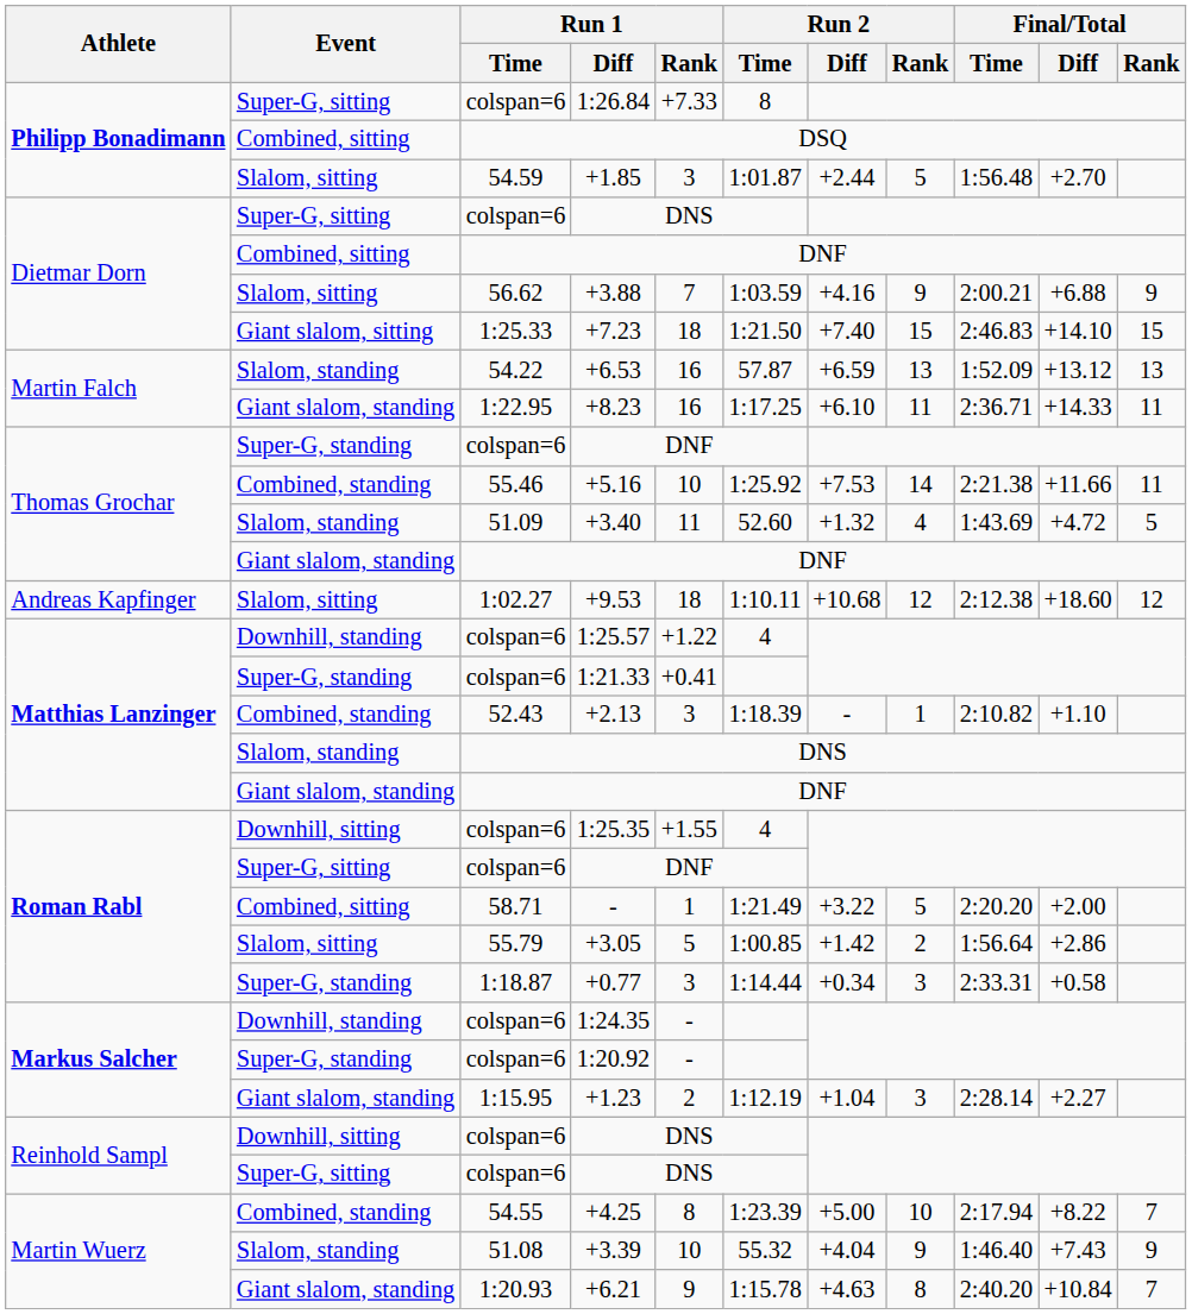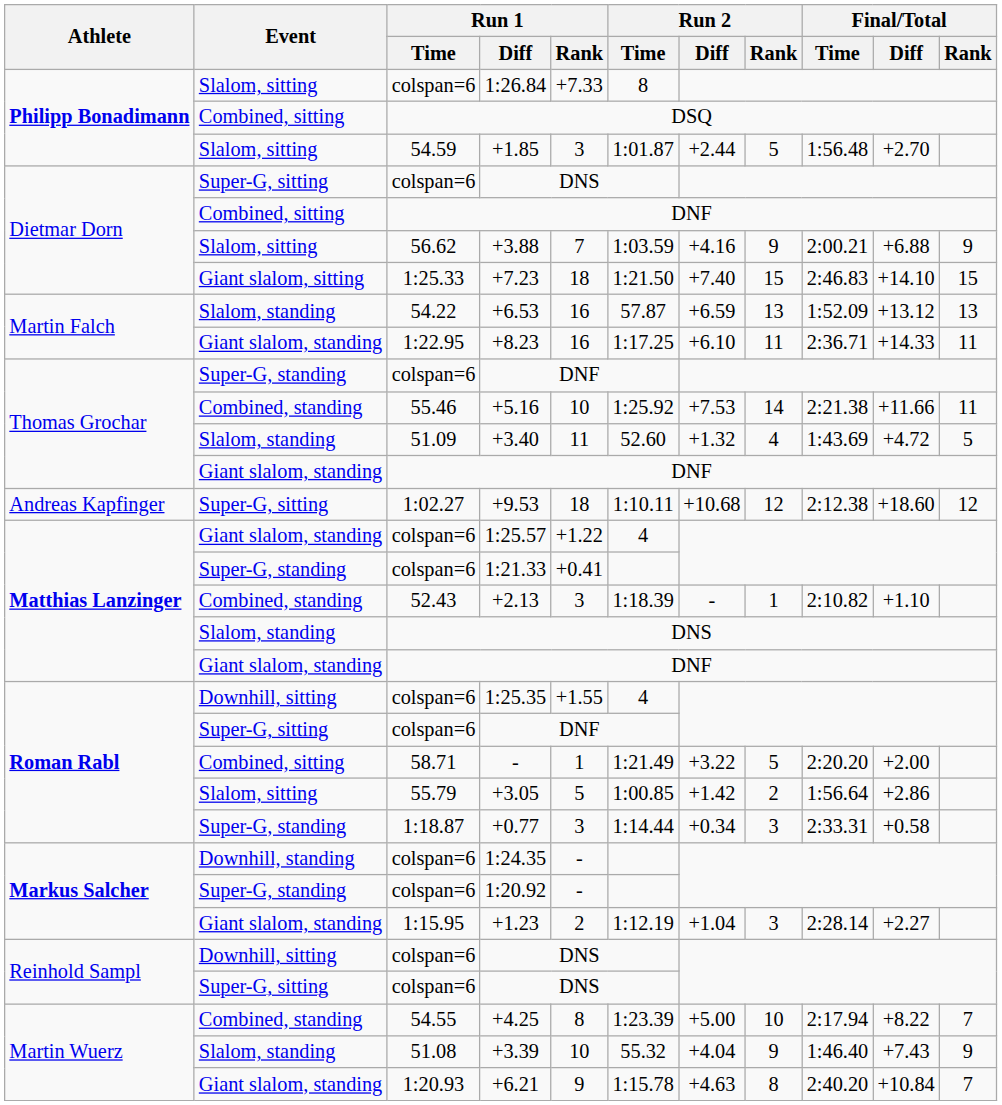 <table class="wikitable" style="font-size:100%">
 <tr>
 <th rowspan="2">Athlete</th>
 <th rowspan="2">Event</th>
 <th colspan="3">Run 1</th>
 <th colspan="3">Run 2</th>
 <th colspan="3">Final/Total</th>
 </tr>
 <tr>
 <th>Time</th>
 <th>Diff</th>
 <th>Rank</th>
 <th>Time</th>
 <th>Diff</th>
 <th>Rank</th>
 <th>Time</th>
 <th>Diff</th>
 <th>Rank</th>
 </tr>
 <tr>
 <td rowspan=3><strong><a href='#'>Philipp Bonadimann</a></strong></td>
-<td><a href='#'>Super-G, sitting</a></td>
+<td><a href='#'>Slalom, sitting</a></td>
 <td>colspan=6 </td>
 <td align="center">1:26.84</td>
 <td align="center">+7.33</td>
 <td align="center">8</td>
 </tr>
 <tr>
 <td><a href='#'>Combined, sitting</a></td>
 <td align="center" colspan=9>DSQ</td>
 </tr>
 <tr>
 <td><a href='#'>Slalom, sitting</a></td>
 <td align="center">54.59</td>
 <td align="center">+1.85</td>
 <td align="center">3</td>
 <td align="center">1:01.87</td>
 <td align="center">+2.44</td>
 <td align="center">5</td>
 <td align="center">1:56.48</td>
 <td align="center">+2.70</td>
 <td align="center"></td>
 </tr>
 <tr>
 <td rowspan=4><a href='#'>Dietmar Dorn</a></td>
 <td><a href='#'>Super-G, sitting</a></td>
 <td>colspan=6 </td>
 <td align="center" colspan=3>DNS</td>
 </tr>
 <tr>
 <td><a href='#'>Combined, sitting</a></td>
 <td align="center" colspan=9>DNF</td>
 </tr>
 <tr>
 <td><a href='#'>Slalom, sitting</a></td>
 <td align="center">56.62</td>
 <td align="center">+3.88</td>
 <td align="center">7</td>
 <td align="center">1:03.59</td>
 <td align="center">+4.16</td>
 <td align="center">9</td>
 <td align="center">2:00.21</td>
 <td align="center">+6.88</td>
 <td align="center">9</td>
 </tr>
 <tr>
 <td><a href='#'>Giant slalom, sitting</a></td>
 <td align="center">1:25.33</td>
 <td align="center">+7.23</td>
 <td align="center">18</td>
 <td align="center">1:21.50</td>
 <td align="center">+7.40</td>
 <td align="center">15</td>
 <td align="center">2:46.83</td>
 <td align="center">+14.10</td>
 <td align="center">15</td>
 </tr>
 <tr>
 <td rowspan=2><a href='#'>Martin Falch</a></td>
 <td><a href='#'>Slalom, standing</a></td>
 <td align="center">54.22</td>
 <td align="center">+6.53</td>
 <td align="center">16</td>
 <td align="center">57.87</td>
 <td align="center">+6.59</td>
 <td align="center">13</td>
 <td align="center">1:52.09</td>
 <td align="center">+13.12</td>
 <td align="center">13</td>
 </tr>
 <tr>
 <td><a href='#'>Giant slalom, standing</a></td>
 <td align="center">1:22.95</td>
 <td align="center">+8.23</td>
 <td align="center">16</td>
 <td align="center">1:17.25</td>
 <td align="center">+6.10</td>
 <td align="center">11</td>
 <td align="center">2:36.71</td>
 <td align="center">+14.33</td>
 <td align="center">11</td>
 </tr>
 <tr>
 <td rowspan=4><a href='#'>Thomas Grochar</a></td>
 <td><a href='#'>Super-G, standing</a></td>
 <td>colspan=6 </td>
 <td align="center" colspan=3>DNF</td>
 </tr>
 <tr>
 <td><a href='#'>Combined, standing</a></td>
 <td align="center">55.46</td>
 <td align="center">+5.16</td>
 <td align="center">10</td>
 <td align="center">1:25.92</td>
 <td align="center">+7.53</td>
 <td align="center">14</td>
 <td align="center">2:21.38</td>
 <td align="center">+11.66</td>
 <td align="center">11</td>
 </tr>
 <tr>
 <td><a href='#'>Slalom, standing</a></td>
 <td align="center">51.09</td>
 <td align="center">+3.40</td>
 <td align="center">11</td>
 <td align="center">52.60</td>
 <td align="center">+1.32</td>
 <td align="center">4</td>
 <td align="center">1:43.69</td>
 <td align="center">+4.72</td>
 <td align="center">5</td>
 </tr>
 <tr>
 <td><a href='#'>Giant slalom, standing</a></td>
 <td align="center" colspan=9>DNF</td>
 </tr>
 <tr>
 <td><a href='#'>Andreas Kapfinger</a></td>
-<td><a href='#'>Slalom, sitting</a></td>
+<td><a href='#'>Super-G, sitting</a></td>
 <td align="center">1:02.27</td>
 <td align="center">+9.53</td>
 <td align="center">18</td>
 <td align="center">1:10.11</td>
 <td align="center">+10.68</td>
 <td align="center">12</td>
 <td align="center">2:12.38</td>
 <td align="center">+18.60</td>
 <td align="center">12</td>
 </tr>
 <tr>
 <td rowspan=5><strong><a href='#'>Matthias Lanzinger</a></strong></td>
-<td><a href='#'>Downhill, standing</a></td>
+<td><a href='#'>Giant slalom, standing</a></td>
 <td>colspan=6 </td>
 <td align="center">1:25.57</td>
 <td align="center">+1.22</td>
 <td align="center">4</td>
 </tr>
 <tr>
 <td><a href='#'>Super-G, standing</a></td>
 <td>colspan=6 </td>
 <td align="center">1:21.33</td>
 <td align="center">+0.41</td>
 <td align="center"></td>
 </tr>
 <tr>
 <td><a href='#'>Combined, standing</a></td>
 <td align="center">52.43</td>
 <td align="center">+2.13</td>
 <td align="center">3</td>
 <td align="center">1:18.39</td>
 <td align="center">-</td>
 <td align="center">1</td>
 <td align="center">2:10.82</td>
 <td align="center">+1.10</td>
 <td align="center"></td>
 </tr>
 <tr>
 <td><a href='#'>Slalom, standing</a></td>
 <td align="center" colspan=9>DNS</td>
 </tr>
 <tr>
 <td><a href='#'>Giant slalom, standing</a></td>
 <td align="center" colspan=9>DNF</td>
 </tr>
 <tr>
 <td rowspan=5><strong><a href='#'>Roman Rabl</a></strong></td>
 <td><a href='#'>Downhill, sitting</a></td>
 <td>colspan=6 </td>
 <td align="center">1:25.35</td>
 <td align="center">+1.55</td>
 <td align="center">4</td>
 </tr>
 <tr>
 <td><a href='#'>Super-G, sitting</a></td>
 <td>colspan=6 </td>
 <td align="center" colspan=3>DNF</td>
 </tr>
 <tr>
 <td><a href='#'>Combined, sitting</a></td>
 <td align="center">58.71</td>
 <td align="center">-</td>
 <td align="center">1</td>
 <td align="center">1:21.49</td>
 <td align="center">+3.22</td>
 <td align="center">5</td>
 <td align="center">2:20.20</td>
 <td align="center">+2.00</td>
 <td align="center"></td>
 </tr>
 <tr>
 <td><a href='#'>Slalom, sitting</a></td>
 <td align="center">55.79</td>
 <td align="center">+3.05</td>
 <td align="center">5</td>
 <td align="center">1:00.85</td>
 <td align="center">+1.42</td>
 <td align="center">2</td>
 <td align="center">1:56.64</td>
 <td align="center">+2.86</td>
 <td align="center"></td>
 </tr>
 <tr>
 <td><a href='#'>Super-G, standing</a></td>
 <td align="center">1:18.87</td>
 <td align="center">+0.77</td>
 <td align="center">3</td>
 <td align="center">1:14.44</td>
 <td align="center">+0.34</td>
 <td align="center">3</td>
 <td align="center">2:33.31</td>
 <td align="center">+0.58</td>
 <td align="center"></td>
 </tr>
 <tr>
 <td rowspan=3><strong><a href='#'>Markus Salcher</a></strong></td>
 <td><a href='#'>Downhill, standing</a></td>
 <td>colspan=6 </td>
 <td align="center">1:24.35</td>
 <td align="center">-</td>
 <td align="center"></td>
 </tr>
 <tr>
 <td><a href='#'>Super-G, standing</a></td>
 <td>colspan=6 </td>
 <td align="center">1:20.92</td>
 <td align="center">-</td>
 <td align="center"></td>
 </tr>
 <tr>
 <td><a href='#'>Giant slalom, standing</a></td>
 <td align="center">1:15.95</td>
 <td align="center">+1.23</td>
 <td align="center">2</td>
 <td align="center">1:12.19</td>
 <td align="center">+1.04</td>
 <td align="center">3</td>
 <td align="center">2:28.14</td>
 <td align="center">+2.27</td>
 <td align="center"></td>
 </tr>
 <tr>
 <td rowspan=2><a href='#'>Reinhold Sampl</a></td>
 <td><a href='#'>Downhill, sitting</a></td>
 <td>colspan=6 </td>
 <td align="center" colspan=3>DNS</td>
 </tr>
 <tr>
 <td><a href='#'>Super-G, sitting</a></td>
 <td>colspan=6 </td>
 <td align="center" colspan=3>DNS</td>
 </tr>
 <tr>
 <td rowspan=3><a href='#'>Martin Wuerz</a></td>
 <td><a href='#'>Combined, standing</a></td>
 <td align="center">54.55</td>
 <td align="center">+4.25</td>
 <td align="center">8</td>
 <td align="center">1:23.39</td>
 <td align="center">+5.00</td>
 <td align="center">10</td>
 <td align="center">2:17.94</td>
 <td align="center">+8.22</td>
 <td align="center">7</td>
 </tr>
 <tr>
 <td><a href='#'>Slalom, standing</a></td>
 <td align="center">51.08</td>
 <td align="center">+3.39</td>
 <td align="center">10</td>
 <td align="center">55.32</td>
 <td align="center">+4.04</td>
 <td align="center">9</td>
 <td align="center">1:46.40</td>
 <td align="center">+7.43</td>
 <td align="center">9</td>
 </tr>
 <tr>
 <td><a href='#'>Giant slalom, standing</a></td>
 <td align="center">1:20.93</td>
 <td align="center">+6.21</td>
 <td align="center">9</td>
 <td align="center">1:15.78</td>
 <td align="center">+4.63</td>
 <td align="center">8</td>
 <td align="center">2:40.20</td>
 <td align="center">+10.84</td>
 <td align="center">7</td>
 </tr>
 </table>
